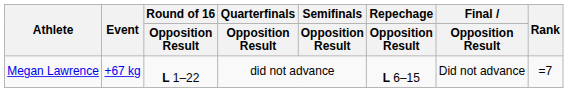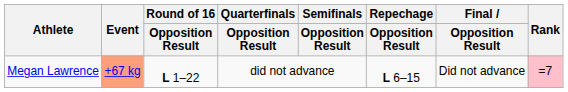 <table class="wikitable" style="font-size:90%">
 <tr>
 <th rowspan="2">Athlete</th>
 <th rowspan="2">Event</th>
 <th>Round of 16</th>
 <th>Quarterfinals</th>
 <th>Semifinals</th>
 <th>Repechage</th>
 <th>Final / </th>
 <th rowspan="2">Rank</th>
 </tr>
 <tr>
 <th>Opposition<br>Result</th>
 <th>Opposition<br>Result</th>
 <th>Opposition<br>Result</th>
 <th>Opposition<br>Result</th>
 <th>Opposition<br>Result</th>
 </tr>
 <tr align=center>
 <td align=left><a href='#'>Megan Lawrence</a></td>
-<td align=left><a href='#'>+67 kg</a></td>
+<td align=left style="background: lightsalmon;"><a href='#'>+67 kg</a></td>
 <td><br><strong>L</strong> 1–22</td>
 <td colspan=2>did not advance</td>
 <td><br><strong>L</strong> 6–15</td>
 <td>Did not advance</td>
-<td>=7</td>
+<td style="background: pink;">=7</td>
 </tr>
 </table>
